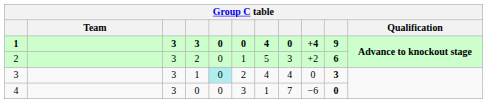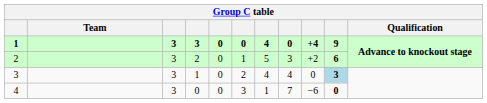 <table class="wikitable" style="text-align: center;">
 <tr>
 <th colspan="11"><a href='#'>Group C</a> table</th>
 </tr>
 <tr>
 <th width=30></th>
 <th width=210>Team</th>
 <th width=30></th>
 <th width=30></th>
 <th width=30></th>
 <th width=30></th>
 <th width=30></th>
 <th width=30></th>
 <th width=30></th>
 <th width=30></th>
 <th width=210>Qualification</th>
 </tr>
 <tr style="background:#ccffcc;">
 <td><strong>1</strong></td>
 <td align=left><strong></strong></td>
 <td><strong>3</strong></td>
 <td><strong>3</strong></td>
 <td><strong>0</strong></td>
 <td><strong>0</strong></td>
 <td><strong>4</strong></td>
 <td><strong>0</strong></td>
 <td><strong>+4</strong></td>
 <td><strong>9</strong></td>
 <td rowspan="2"><strong>Advance to knockout stage</strong></td>
 </tr>
 <tr style="background:#ccffcc;">
 <td>2</td>
 <td align=left></td>
 <td>3</td>
 <td>2</td>
 <td>0</td>
 <td>1</td>
 <td>5</td>
 <td>3</td>
 <td>+2</td>
 <td><strong>6</strong></td>
 </tr>
 <tr>
 <td>3</td>
 <td align=left></td>
 <td>3</td>
 <td>1</td>
-<td style="background: paleturquoise;">0</td>
+<td>0</td>
 <td>2</td>
 <td>4</td>
 <td>4</td>
 <td>0</td>
-<td><strong>3</strong></td>
+<td style="background: lightblue;"><strong>3</strong></td>
 <td rowspan="2"></td>
 </tr>
 <tr>
 <td>4</td>
 <td align=left></td>
 <td>3</td>
 <td>0</td>
 <td>0</td>
 <td>3</td>
 <td>1</td>
 <td>7</td>
 <td>−6</td>
 <td><strong>0</strong></td>
 </tr>
 </table>
